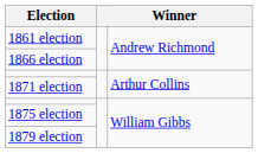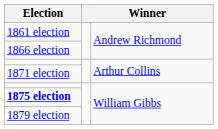 <table class=wikitable>
 <tr>
 <th width=100>Election</th>
 <th width=175 colspan=2>Winner</th>
 </tr>
 <tr>
 <td><a href='#'>1861 election</a></td>
 <td width=5 rowspan=2 bgcolor=></td>
 <td rowspan=2><a href='#'>Andrew Richmond</a></td>
 </tr>
 <tr>
 <td><a href='#'>1866 election</a></td>
 </tr>
 <tr>
 <td></td>
 <td rowspan=2 bgcolor=></td>
 <td rowspan=2><a href='#'>Arthur Collins</a></td>
 </tr>
 <tr>
 <td><a href='#'>1871 election</a></td>
 </tr>
 <tr>
 <td></td>
 <td rowspan=3 bgcolor=></td>
 <td rowspan=3><a href='#'>William Gibbs</a></td>
 </tr>
 <tr>
-<td><a href='#'>1875 election</a></td>
+<td><strong><a href='#'>1875 election</a></strong></td>
 </tr>
 <tr>
 <td><a href='#'>1879 election</a></td>
 </tr>
 </table>
